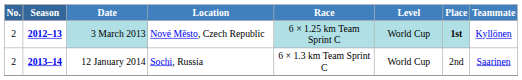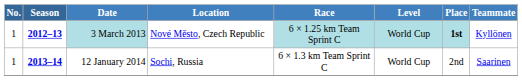 <table class="wikitable sortable" style="font-size:95%; text-align:center; border:grey solid 1px; border-collapse:collapse; background:#ffffff;">
 <tr style="background:#efefef;">
 <th style="background-color:#369; color:white;">No.</th>
 <th style="background-color:#369; color:white;">Season</th>
 <th style="background-color:#4180be; color:white; width:120px;">Date</th>
 <th style="background-color:#4180be; color:white; width:190px;">Location</th>
 <th style="background-color:#4180be; color:white; width:150px;">Race</th>
 <th style="background-color:#4180be; color:white; width:100px;">Level</th>
 <th style="background-color:#4180be; color:white;">Place</th>
 <th style="background-color:#4180be; color:white;">Teammate</th>
 </tr>
 <tr>
-<td align=center>2</td>
+<td align=center>1</td>
 <td rowspan=1 align=center><strong><a href='#'>2012–13</a></strong></td>
 <td bgcolor="#BOEOE6" align=right>3 March 2013</td>
 <td align=left> <a href='#'>Nové Město</a>, Czech Republic</td>
 <td bgcolor="#BOEOE6">6 × 1.25 km Team Sprint C</td>
 <td bgcolor="#BOEOE6">World Cup</td>
 <td bgcolor="#BOEOE6"><strong>1st</strong></td>
 <td><a href='#'>Kyllönen</a></td>
 </tr>
 <tr>
-<td align=center>2</td>
+<td align=center>1</td>
 <td rowspan=1 align=center><strong> <a href='#'>2013–14</a> </strong></td>
 <td align=right>12 January 2014</td>
 <td align=left> <a href='#'>Sochi</a>, Russia</td>
 <td>6 × 1.3 km Team Sprint C</td>
 <td>World Cup</td>
 <td>2nd</td>
 <td><a href='#'>Saarinen</a></td>
 </tr>
 <tr>
 </tr>
 </table>
